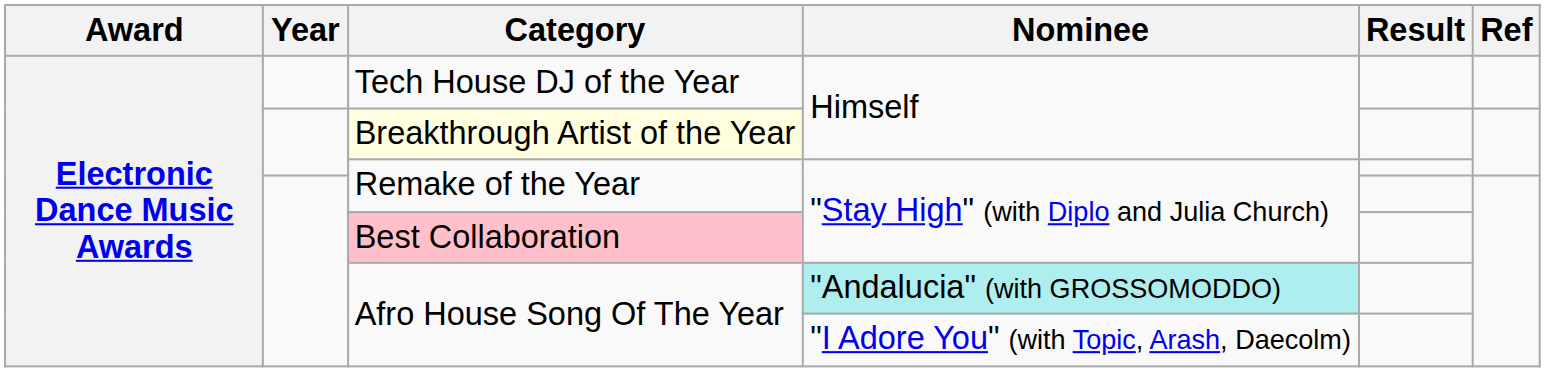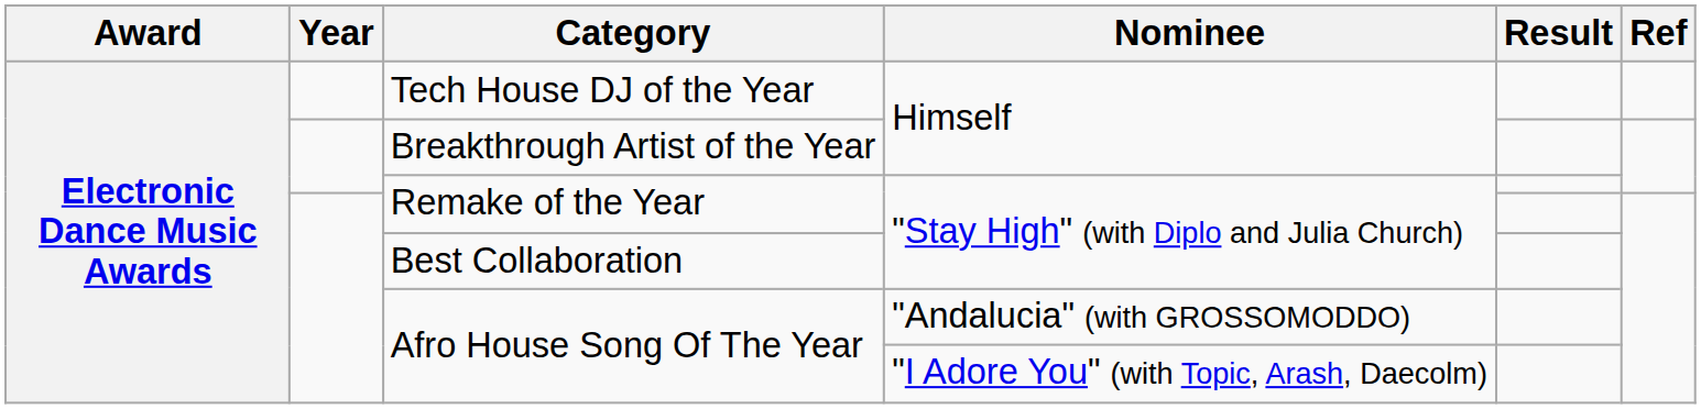 <table class="wikitable sortable plainrowheaders">
 <tr>
 <th scope="col" style="width:120px;">Award</th>
 <th scope="col">Year</th>
 <th scope="col">Category</th>
 <th scope="col">Nominee</th>
 <th scope="col">Result</th>
 <th scope="col">Ref</th>
 </tr>
 <tr>
 <th rowspan="7" scope="row"><a href='#'>Electronic Dance Music Awards</a></th>
 <td></td>
 <td>Tech House DJ of the Year</td>
 <td rowspan="2">Himself</td>
 <td></td>
 <td></td>
 </tr>
 <tr>
 <td rowspan="2"></td>
-<td style="background: lightyellow;">Breakthrough Artist of the Year</td>
+<td>Breakthrough Artist of the Year</td>
 <td></td>
 <td rowspan="2"></td>
 </tr>
 <tr>
 <td rowspan="2">Remake of the Year</td>
 <td rowspan="3">"<a href='#'>Stay High</a>" <small>(with <a href='#'>Diplo</a> and Julia Church)</small></td>
 <td></td>
 </tr>
 <tr>
 <td rowspan="4"></td>
 <td></td>
 <td rowspan="4"></td>
 </tr>
 <tr>
-<td style="background: pink;">Best Collaboration</td>
+<td>Best Collaboration</td>
 <td></td>
 </tr>
 <tr>
 <td rowspan="2">Afro House Song Of The Year</td>
-<td style="background: paleturquoise;">"Andalucia" <small>(with GROSSOMODDO)</small></td>
+<td>"Andalucia" <small>(with GROSSOMODDO)</small></td>
 <td></td>
 </tr>
 <tr>
 <td>"<a href='#'>I Adore You</a>" <small>(with <a href='#'>Topic</a>, <a href='#'>Arash</a>, Daecolm)</small></td>
 <td></td>
 </tr>
 </table>
